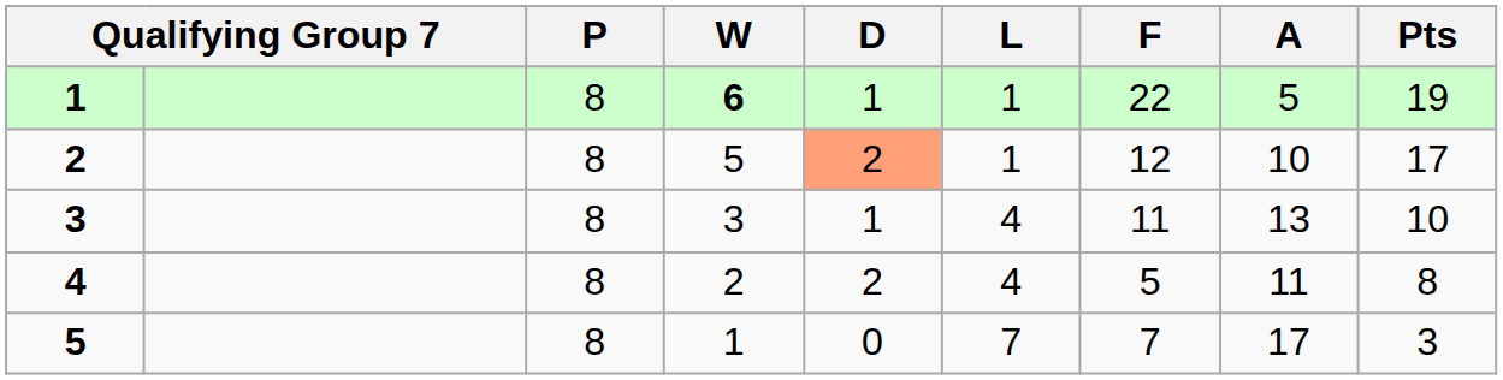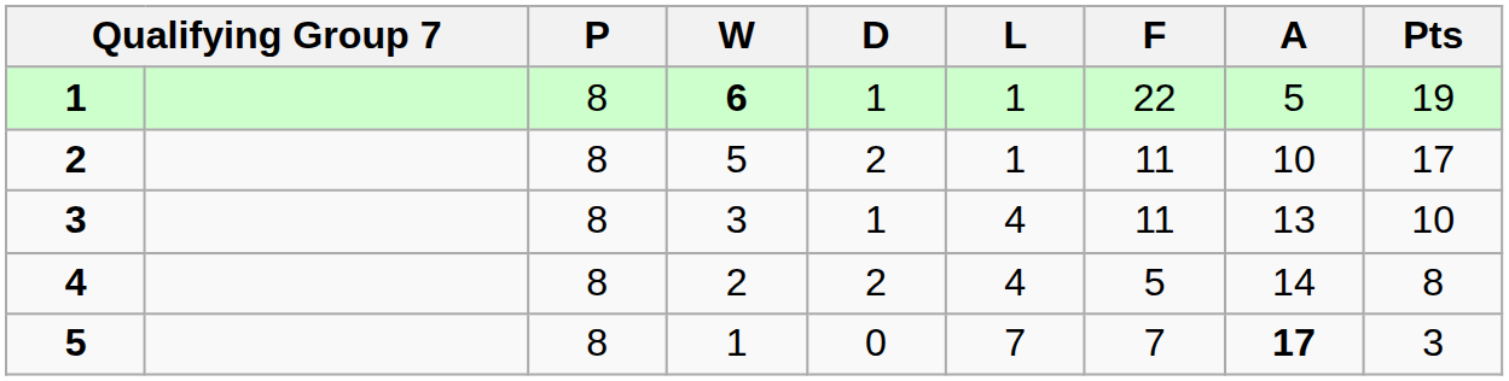 <table class="wikitable">
 <tr>
 <th colspan="2">Qualifying Group 7</th>
 <th rowspan="1" width="50">P</th>
 <th rowspan="1" width="50">W</th>
 <th colspan="1" width="50">D</th>
 <th colspan="1" width="50">L</th>
 <th colspan="1" width="50">F</th>
 <th colspan="1" width="50">A</th>
 <th colspan="1" width="50">Pts</th>
 </tr>
 <tr style="background:#ccffcc;" align=center>
 <td width="50"><strong>1</strong></td>
 <td align=left width="150"><strong></strong></td>
 <td>8</td>
 <td><strong>6</strong></td>
 <td>1</td>
 <td>1</td>
 <td>22</td>
 <td>5</td>
 <td>19</td>
 </tr>
 <tr align=center>
 <td><strong>2</strong></td>
 <td align=left></td>
 <td>8</td>
 <td>5</td>
-<td style="background: lightsalmon;">2</td>
+<td>2</td>
 <td>1</td>
-<td>12</td>
+<td>11</td>
 <td>10</td>
 <td>17</td>
 </tr>
 <tr align=center>
 <td><strong>3</strong></td>
 <td align=left></td>
 <td>8</td>
 <td>3</td>
 <td>1</td>
 <td>4</td>
 <td>11</td>
 <td>13</td>
 <td>10</td>
 </tr>
 <tr align=center>
 <td><strong>4</strong></td>
 <td align=left></td>
 <td>8</td>
 <td>2</td>
 <td>2</td>
 <td>4</td>
 <td>5</td>
-<td>11</td>
+<td>14</td>
 <td>8</td>
 </tr>
 <tr align=center>
 <td><strong>5</strong></td>
 <td align=left></td>
 <td>8</td>
 <td>1</td>
 <td>0</td>
 <td>7</td>
 <td>7</td>
-<td>17</td>
+<td><strong>17</strong></td>
 <td>3</td>
 </tr>
 </table>
